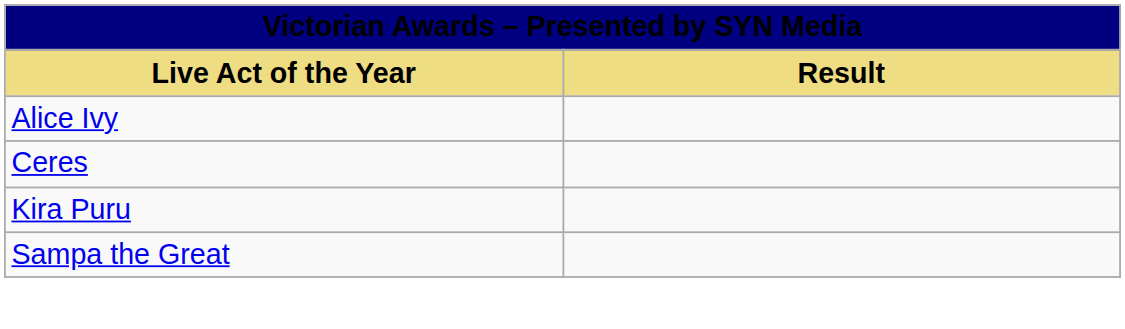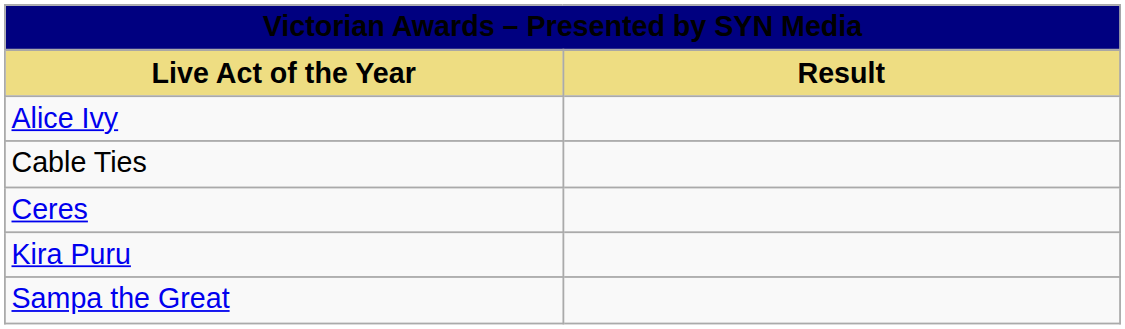 <table class="wikitable" width=100%>
 <tr>
 <th colspan="2" ! style="width:15%;background:navy">Victorian Awards – Presented by SYN Media</th>
 </tr>
 <tr>
 <th style="width:10%;background:#EEDD82;">Live Act of the Year</th>
 <th style="width:10%;background:#EEDD82;">Result</th>
 </tr>
 <tr>
 <td><a href='#'>Alice Ivy</a></td>
+<td></td>
+</tr>
+<tr>
+<td>Cable Ties</td>
 <td></td>
 </tr>
 <tr>
 <td><a href='#'>Ceres</a></td>
 <td></td>
 </tr>
 <tr>
 <td><a href='#'>Kira Puru</a></td>
 <td></td>
 </tr>
 <tr>
 <td><a href='#'>Sampa the Great</a></td>
 <td></td>
 </tr>
 </table>
